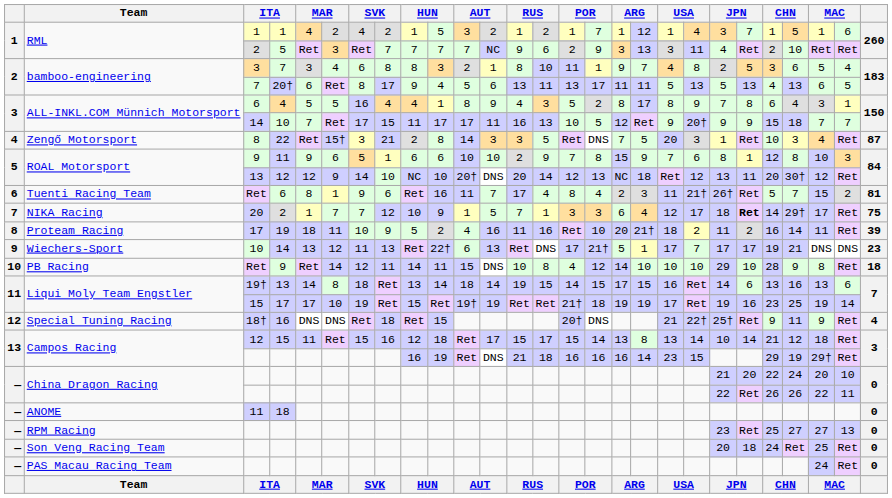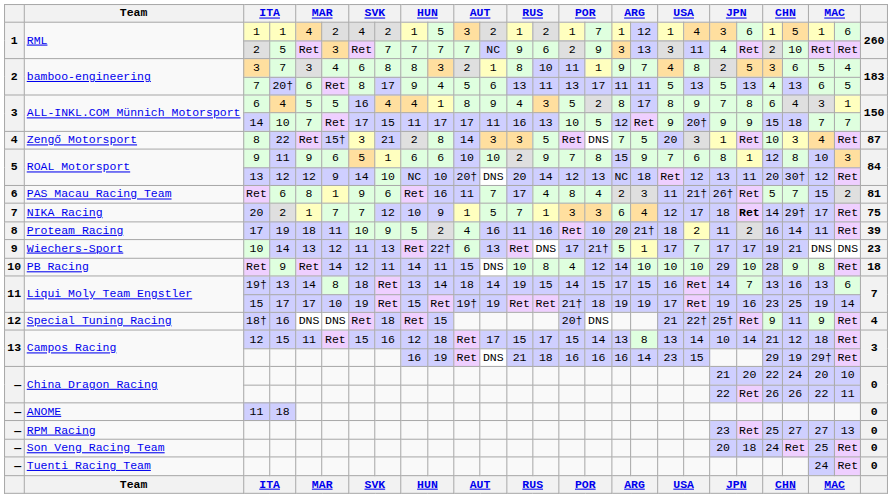 <table class="wikitable" style="font-size: 85%; text-align: center">
 <tr valign="top">
 <th valign=middle></th>
 <th valign=middle>Team</th>
 <th colspan=2><a href='#'>ITA</a><br></th>
 <th colspan=2><a href='#'>MAR</a><br></th>
 <th colspan=2><a href='#'>SVK</a><br></th>
 <th colspan=2><a href='#'>HUN</a><br></th>
 <th colspan=2><a href='#'>AUT</a><br></th>
 <th colspan=2><a href='#'>RUS</a><br></th>
 <th colspan=2><a href='#'>POR</a><br></th>
 <th colspan=2><a href='#'>ARG</a><br></th>
 <th colspan=2><a href='#'>USA</a><br></th>
 <th colspan=2><a href='#'>JPN</a><br></th>
 <th colspan=2><a href='#'>CHN</a><br></th>
 <th colspan=2><a href='#'>MAC</a><br></th>
 <th valign=middle>  </th>
 </tr>
 <tr>
 <th rowspan=2>1</th>
 <td align=left rowspan=2> <a href='#'>RML</a></td>
 <td style="background:#ffffbf;">1</td>
 <td style="background:#ffffbf;">1</td>
 <td style="background:#ffdf9f;">4</td>
 <td style="background:#dfdfdf;">2</td>
 <td style="background:#dfdfdf;">4</td>
 <td style="background:#dfdfdf;">2</td>
 <td style="background:#ffffbf;">1</td>
 <td style="background:#dfffdf;">5</td>
 <td style="background:#ffdf9f;">3</td>
 <td style="background:#dfdfdf;">2</td>
 <td style="background:#ffffbf;">1</td>
 <td style="background:#dfdfdf;">2</td>
 <td style="background:#ffffbf;">1</td>
 <td style="background:#dfffdf;">7</td>
 <td style="background:#ffffbf;">1</td>
 <td style="background:#cfcfff;">12</td>
 <td style="background:#ffffbf;">1</td>
 <td style="background:#ffdf9f;">4</td>
 <td style="background:#ffdf9f;">3</td>
-<td style="background:#dfffdf;">7</td>
+<td style="background:#dfffdf;">6</td>
 <td style="background:#ffffbf;">1</td>
 <td style="background:#ffdf9f;">5</td>
 <td style="background:#ffffbf;">1</td>
 <td style="background:#dfffdf;">6</td>
 <th rowspan=2>260</th>
 </tr>
 <tr>
 <td style="background:#dfdfdf;">2</td>
 <td style="background:#dfffdf;">5</td>
 <td style="background:#efcfff;">Ret</td>
 <td style="background:#ffdf9f;">3</td>
 <td style="background:#efcfff;">Ret</td>
 <td style="background:#dfffdf;">7</td>
 <td style="background:#dfffdf;">7</td>
 <td style="background:#dfffdf;">7</td>
 <td style="background:#dfffdf;">7</td>
 <td style="background:#cfcfff;">NC</td>
 <td style="background:#dfffdf;">9</td>
 <td style="background:#dfffdf;">6</td>
 <td style="background:#dfdfdf;">2</td>
 <td style="background:#dfffdf;">9</td>
 <td style="background:#ffdf9f;">3</td>
 <td style="background:#cfcfff;">13</td>
 <td style="background:#dfdfdf;">3</td>
 <td style="background:#cfcfff;">11</td>
 <td style="background:#dfffdf;">4</td>
 <td style="background:#efcfff;">Ret</td>
 <td style="background:#dfdfdf;">2</td>
 <td style="background:#dfffdf;">10</td>
 <td style="background:#efcfff;">Ret</td>
 <td style="background:#efcfff;">Ret</td>
 </tr>
 <tr>
 <th rowspan=2>2</th>
 <td align=left rowspan=2> <a href='#'>bamboo-engineering</a></td>
 <td style="background:#ffdf9f;">3</td>
 <td style="background:#dfffdf;">7</td>
 <td style="background:#dfdfdf;">3</td>
 <td style="background:#dfffdf;">4</td>
 <td style="background:#dfffdf;">6</td>
 <td style="background:#dfffdf;">8</td>
 <td style="background:#dfffdf;">8</td>
 <td style="background:#ffdf9f;">3</td>
 <td style="background:#dfdfdf;">2</td>
 <td style="background:#ffffbf;">1</td>
 <td style="background:#dfffdf;">8</td>
 <td style="background:#cfcfff;">10</td>
 <td style="background:#cfcfff;">11</td>
 <td style="background:#ffffbf;">1</td>
 <td style="background:#dfffdf;">9</td>
 <td style="background:#dfffdf;">7</td>
 <td style="background:#ffdf9f;">4</td>
 <td style="background:#dfffdf;">8</td>
 <td style="background:#dfdfdf;">2</td>
 <td style="background:#ffdf9f;">5</td>
 <td style="background:#ffdf9f;">3</td>
 <td style="background:#dfffdf;">6</td>
 <td style="background:#dfffdf;">5</td>
 <td style="background:#dfffdf;">4</td>
 <th rowspan=2>183</th>
 </tr>
 <tr>
 <td style="background:#dfffdf;">7</td>
 <td style="background:#cfcfff;">20†</td>
 <td style="background:#dfffdf;">6</td>
 <td style="background:#efcfff;">Ret</td>
 <td style="background:#dfffdf;">8</td>
 <td style="background:#cfcfff;">17</td>
 <td style="background:#dfffdf;">9</td>
 <td style="background:#dfffdf;">4</td>
 <td style="background:#dfffdf;">5</td>
 <td style="background:#dfffdf;">6</td>
 <td style="background:#cfcfff;">13</td>
 <td style="background:#cfcfff;">11</td>
 <td style="background:#cfcfff;">13</td>
 <td style="background:#cfcfff;">17</td>
 <td style="background:#cfcfff;">11</td>
 <td style="background:#cfcfff;">11</td>
 <td style="background:#dfffdf;">5</td>
 <td style="background:#cfcfff;">13</td>
 <td style="background:#dfffdf;">5</td>
 <td style="background:#cfcfff;">13</td>
 <td style="background:#dfffdf;">4</td>
 <td style="background:#cfcfff;">13</td>
 <td style="background:#dfffdf;">6</td>
 <td style="background:#dfffdf;">5</td>
 </tr>
 <tr>
 <th rowspan=2>3</th>
 <td align=left rowspan=2 nowrap> <a href='#'>ALL-INKL.COM Münnich Motorsport</a></td>
 <td style="background:#dfffdf;">6</td>
 <td style="background:#ffdf9f;">4</td>
 <td style="background:#dfffdf;">5</td>
 <td style="background:#dfffdf;">5</td>
 <td style="background:#cfcfff;">16</td>
 <td style="background:#ffdf9f;">4</td>
 <td style="background:#ffdf9f;">4</td>
 <td style="background:#ffffbf;">1</td>
 <td style="background:#dfffdf;">8</td>
 <td style="background:#dfffdf;">9</td>
 <td style="background:#dfffdf;">4</td>
 <td style="background:#ffdf9f;">3</td>
 <td style="background:#dfffdf;">5</td>
 <td style="background:#dfdfdf;">2</td>
 <td style="background:#dfffdf;">8</td>
 <td style="background:#cfcfff;">17</td>
 <td style="background:#dfffdf;">8</td>
 <td style="background:#dfffdf;">9</td>
 <td style="background:#dfffdf;">7</td>
 <td style="background:#dfffdf;">8</td>
 <td style="background:#dfffdf;">6</td>
 <td style="background:#dfdfdf;">4</td>
 <td style="background:#dfdfdf;">3</td>
 <td style="background:#ffffbf;">1</td>
 <th rowspan=2>150</th>
 </tr>
 <tr>
 <td style="background:#cfcfff;">14</td>
 <td style="background:#dfffdf;">10</td>
 <td style="background:#dfffdf;">7</td>
 <td style="background:#efcfff;">Ret</td>
 <td style="background:#cfcfff;">17</td>
 <td style="background:#cfcfff;">15</td>
 <td style="background:#cfcfff;">11</td>
 <td style="background:#cfcfff;">17</td>
 <td style="background:#cfcfff;">17</td>
 <td style="background:#cfcfff;">11</td>
 <td style="background:#cfcfff;">16</td>
 <td style="background:#cfcfff;">13</td>
 <td style="background:#dfffdf;">10</td>
 <td style="background:#dfffdf;">5</td>
 <td style="background:#cfcfff;">12</td>
 <td style="background:#efcfff;">Ret</td>
 <td style="background:#dfffdf;">9</td>
 <td style="background:#cfcfff;">20†</td>
 <td style="background:#dfffdf;">9</td>
 <td style="background:#dfffdf;">9</td>
 <td style="background:#cfcfff;">15</td>
 <td style="background:#cfcfff;">18</td>
 <td style="background:#dfffdf;">7</td>
 <td style="background:#dfffdf;">7</td>
 </tr>
 <tr>
 <th>4</th>
 <td align="left"> <a href='#'>Zengő Motorsport</a></td>
 <td style="background:#dfffdf;">8</td>
 <td style="background:#cfcfff;">22</td>
 <td style="background:#efcfff;">Ret</td>
 <td style="background:#cfcfff;">15†</td>
 <td style="background:#ffffbf;">3</td>
 <td style="background:#cfcfff;">21</td>
 <td style="background:#dfdfdf;">2</td>
 <td style="background:#dfffdf;">8</td>
 <td style="background:#cfcfff;">14</td>
 <td style="background:#ffdf9f;">3</td>
 <td style="background:#ffdf9f;">3</td>
 <td style="background:#dfffdf;">5</td>
 <td style="background:#efcfff;">Ret</td>
 <td style="background:#ffffff;">DNS</td>
 <td style="background:#dfffdf;">7</td>
 <td style="background:#dfffdf;">5</td>
 <td style="background:#cfcfff;">20</td>
 <td style="background:#dfdfdf;">3</td>
 <td style="background:#ffffbf;">1</td>
 <td style="background:#efcfff;">Ret</td>
 <td style="background:#dfffdf;">10</td>
 <td style="background:#ffffbf;">3</td>
 <td style="background:#ffdf9f;">4</td>
 <td style="background:#efcfff;">Ret</td>
 <th>87</th>
 </tr>
 <tr>
 <th rowspan=2>5</th>
 <td align=left rowspan=2> <a href='#'>ROAL Motorsport</a></td>
 <td style="background:#dfffdf;">9</td>
 <td style="background:#cfcfff;">11</td>
 <td style="background:#dfffdf;">9</td>
 <td style="background:#dfffdf;">6</td>
 <td style="background:#ffdf9f;">5</td>
 <td style="background:#ffffbf;">1</td>
 <td style="background:#dfffdf;">6</td>
 <td style="background:#dfffdf;">6</td>
 <td style="background:#cfcfff;">10</td>
 <td style="background:#dfffdf;">10</td>
 <td style="background:#dfdfdf;">2</td>
 <td style="background:#dfffdf;">9</td>
 <td style="background:#dfffdf;">7</td>
 <td style="background:#dfffdf;">8</td>
 <td style="background:#cfcfff;">15</td>
 <td style="background:#dfffdf;">9</td>
 <td style="background:#dfffdf;">7</td>
 <td style="background:#dfffdf;">6</td>
 <td style="background:#dfffdf;">8</td>
 <td style="background:#ffffbf;">1</td>
 <td style="background:#cfcfff;">12</td>
 <td style="background:#dfffdf;">8</td>
 <td style="background:#cfcfff;">10</td>
 <td style="background:#ffdf9f;">3</td>
 <th rowspan=2>84</th>
 </tr>
 <tr>
 <td style="background:#cfcfff;">13</td>
 <td style="background:#cfcfff;">12</td>
 <td style="background:#cfcfff;">12</td>
 <td style="background:#cfcfff;">9</td>
 <td style="background:#cfcfff;">14</td>
 <td style="background:#dfffdf;">10</td>
 <td style="background:#cfcfff;">NC</td>
 <td style="background:#cfcfff;">10</td>
 <td style="background:#cfcfff;">20†</td>
 <td style="background:#ffffff;">DNS</td>
 <td style="background:#cfcfff;">20</td>
 <td style="background:#cfcfff;">14</td>
 <td style="background:#cfcfff;">12</td>
 <td style="background:#cfcfff;">13</td>
 <td style="background:#cfcfff;">NC</td>
 <td style="background:#cfcfff;">18</td>
 <td style="background:#efcfff;">Ret</td>
 <td style="background:#cfcfff;">12</td>
 <td style="background:#cfcfff;">13</td>
 <td style="background:#cfcfff;">11</td>
 <td style="background:#cfcfff;">20</td>
 <td style="background:#cfcfff;">30†</td>
 <td style="background:#cfcfff;">12</td>
 <td style="background:#efcfff;">Ret</td>
 </tr>
 <tr>
 <th>6</th>
-<td align="left"> <a href='#'>Tuenti Racing Team</a></td>
+<td align=left> <a href='#'>PAS Macau Racing Team</a></td>
 <td style="background:#efcfff;">Ret</td>
 <td style="background:#dfffdf;">6</td>
 <td style="background:#dfffdf;">8</td>
 <td style="background:#ffffbf;">1</td>
 <td style="background:#dfffdf;">9</td>
 <td style="background:#dfffdf;">6</td>
 <td style="background:#efcfff;">Ret</td>
 <td style="background:#cfcfff;">16</td>
 <td style="background:#cfcfff;">11</td>
 <td style="background:#dfffdf;">7</td>
 <td style="background:#cfcfff;">17</td>
 <td style="background:#dfffdf;">4</td>
 <td style="background:#dfffdf;">8</td>
 <td style="background:#dfffdf;">4</td>
 <td style="background:#dfdfdf;">2</td>
 <td style="background:#dfdfdf;">3</td>
 <td style="background:#cfcfff;">11</td>
 <td style="background:#cfcfff;">21†</td>
 <td style="background:#cfcfff;">26†</td>
 <td style="background:#efcfff;">Ret</td>
 <td style="background:#dfffdf;">5</td>
 <td style="background:#dfffdf;">7</td>
 <td style="background:#cfcfff;">15</td>
 <td style="background:#dfdfdf;">2</td>
 <th>81</th>
 </tr>
 <tr>
 <th>7</th>
 <td align="left"> <a href='#'>NIKA Racing</a></td>
 <td style="background:#cfcfff;">20</td>
 <td style="background:#dfdfdf;">2</td>
 <td style="background:#ffffbf;">1</td>
 <td style="background:#dfffdf;">7</td>
 <td style="background:#dfffdf;">7</td>
 <td style="background:#cfcfff;">12</td>
 <td style="background:#cfcfff;">10</td>
 <td style="background:#cfcfff;">9</td>
 <td style="background:#ffffbf;">1</td>
 <td style="background:#dfffdf;">5</td>
 <td style="background:#dfffdf;">7</td>
 <td style="background:#ffffbf;">1</td>
 <td style="background:#ffdf9f;">3</td>
 <td style="background:#ffdf9f;">3</td>
 <td style="background:#dfffdf;">6</td>
 <td style="background:#ffdf9f;">4</td>
 <td style="background:#cfcfff;">12</td>
 <td style="background:#cfcfff;">17</td>
 <td style="background:#cfcfff;">18</td>
 <td style="background:#efcfff;"><strong>Ret</strong></td>
 <td style="background:#cfcfff;">14</td>
 <td style="background:#cfcfff;">29†</td>
 <td style="background:#cfcfff;">17</td>
 <td style="background:#efcfff;">Ret</td>
 <th>75</th>
 </tr>
 <tr>
 <th>8</th>
 <td align="left"> <a href='#'>Proteam Racing</a></td>
 <td style="background:#cfcfff;">17</td>
 <td style="background:#cfcfff;">19</td>
 <td style="background:#cfcfff;">18</td>
 <td style="background:#cfcfff;">11</td>
 <td style="background:#dfffdf;">10</td>
 <td style="background:#dfffdf;">9</td>
 <td style="background:#dfffdf;">5</td>
 <td style="background:#dfdfdf;">2</td>
 <td style="background:#dfffdf;">4</td>
 <td style="background:#cfcfff;">16</td>
 <td style="background:#cfcfff;">11</td>
 <td style="background:#cfcfff;">16</td>
 <td style="background:#efcfff;">Ret</td>
 <td style="background:#cfcfff;">10</td>
 <td style="background:#cfcfff;">20</td>
 <td style="background:#cfcfff;">21†</td>
 <td style="background:#cfcfff;">18</td>
 <td style="background:#ffffbf;">2</td>
 <td style="background:#cfcfff;">11</td>
 <td style="background:#dfdfdf;">2</td>
 <td style="background:#cfcfff;">16</td>
 <td style="background:#cfcfff;">14</td>
 <td style="background:#cfcfff;">11</td>
 <td style="background:#efcfff;">Ret</td>
 <th>39</th>
 </tr>
 <tr>
 <th>9</th>
 <td align="left"> <a href='#'>Wiechers-Sport</a></td>
 <td style="background:#dfffdf;">10</td>
 <td style="background:#cfcfff;">14</td>
 <td style="background:#cfcfff;">13</td>
 <td style="background:#cfcfff;">12</td>
 <td style="background:#cfcfff;">11</td>
 <td style="background:#cfcfff;">13</td>
 <td style="background:#efcfff;">Ret</td>
 <td style="background:#cfcfff;">22†</td>
 <td style="background:#dfffdf;">6</td>
 <td style="background:#cfcfff;">13</td>
 <td style="background:#efcfff;">Ret</td>
 <td style="background:#ffffff;">DNS</td>
 <td style="background:#cfcfff;">17</td>
 <td style="background:#cfcfff;">21†</td>
 <td style="background:#dfffdf;">5</td>
 <td style="background:#ffffbf;">1</td>
 <td style="background:#cfcfff;">17</td>
 <td style="background:#dfffdf;">7</td>
 <td style="background:#cfcfff;">17</td>
 <td style="background:#cfcfff;">17</td>
 <td style="background:#cfcfff;">19</td>
 <td style="background:#cfcfff;">21</td>
 <td style="background:#ffffff;">DNS</td>
 <td style="background:#ffffff;">DNS</td>
 <th>23</th>
 </tr>
 <tr>
 <th>10</th>
 <td align="left"> <a href='#'>PB Racing</a></td>
 <td style="background:#efcfff;">Ret</td>
 <td style="background:#dfffdf;">9</td>
 <td style="background:#efcfff;">Ret</td>
 <td style="background:#cfcfff;">14</td>
 <td style="background:#cfcfff;">12</td>
 <td style="background:#cfcfff;">11</td>
 <td style="background:#cfcfff;">14</td>
 <td style="background:#cfcfff;">11</td>
 <td style="background:#cfcfff;">15</td>
 <td style="background:#ffffff;">DNS</td>
 <td style="background:#dfffdf;">10</td>
 <td style="background:#dfffdf;">8</td>
 <td style="background:#dfffdf;">4</td>
 <td style="background:#cfcfff;">12</td>
 <td style="background:#cfcfff;">14</td>
 <td style="background:#dfffdf;">10</td>
 <td style="background:#dfffdf;">10</td>
 <td style="background:#dfffdf;">10</td>
 <td style="background:#cfcfff;">29</td>
 <td style="background:#dfffdf;">10</td>
 <td style="background:#cfcfff;">28</td>
 <td style="background:#dfffdf;">9</td>
 <td style="background:#dfffdf;">8</td>
 <td style="background:#efcfff;">Ret</td>
 <th>18</th>
 </tr>
 <tr>
 <th rowspan=2>11</th>
 <td align=left rowspan=2> <a href='#'>Liqui Moly Team Engstler</a></td>
 <td style="background:#cfcfff;">19†</td>
 <td style="background:#cfcfff;">13</td>
 <td style="background:#cfcfff;">14</td>
 <td style="background:#dfffdf;">8</td>
 <td style="background:#cfcfff;">18</td>
 <td style="background:#efcfff;">Ret</td>
 <td style="background:#cfcfff;">13</td>
 <td style="background:#cfcfff;">14</td>
 <td style="background:#cfcfff;">18</td>
 <td style="background:#cfcfff;">14</td>
 <td style="background:#cfcfff;">19</td>
 <td style="background:#cfcfff;">15</td>
 <td style="background:#cfcfff;">14</td>
 <td style="background:#cfcfff;">15</td>
 <td style="background:#cfcfff;">17</td>
 <td style="background:#cfcfff;">15</td>
 <td style="background:#cfcfff;">16</td>
 <td style="background:#efcfff;">Ret</td>
 <td style="background:#cfcfff;">14</td>
-<td style="background:#dfffdf;">6</td>
+<td style="background:#dfffdf;">7</td>
 <td style="background:#cfcfff;">13</td>
 <td style="background:#cfcfff;">16</td>
 <td style="background:#cfcfff;">13</td>
 <td style="background:#dfffdf;">6</td>
 <th rowspan=2>7</th>
 </tr>
 <tr>
 <td style="background:#cfcfff;">15</td>
 <td style="background:#cfcfff;">17</td>
 <td style="background:#cfcfff;">17</td>
 <td style="background:#cfcfff;">10</td>
 <td style="background:#cfcfff;">19</td>
 <td style="background:#efcfff;">Ret</td>
 <td style="background:#cfcfff;">15</td>
 <td style="background:#efcfff;">Ret</td>
 <td style="background:#cfcfff;">19†</td>
 <td style="background:#cfcfff;">19</td>
 <td style="background:#efcfff;">Ret</td>
 <td style="background:#efcfff;">Ret</td>
 <td style="background:#cfcfff;">21†</td>
 <td style="background:#cfcfff;">18</td>
 <td style="background:#cfcfff;">19</td>
 <td style="background:#cfcfff;">19</td>
 <td style="background:#cfcfff;">17</td>
 <td style="background:#efcfff;">Ret</td>
 <td style="background:#cfcfff;">19</td>
 <td style="background:#cfcfff;">16</td>
 <td style="background:#cfcfff;">23</td>
 <td style="background:#cfcfff;">25</td>
 <td style="background:#cfcfff;">19</td>
 <td style="background:#cfcfff;">14</td>
 </tr>
 <tr>
 <th>12</th>
 <td align="left"> <a href='#'>Special Tuning Racing</a></td>
 <td style="background:#cfcfff;">18†</td>
 <td style="background:#cfcfff;">16</td>
 <td style="background:#ffffff;">DNS</td>
 <td style="background:#ffffff;">DNS</td>
 <td style="background:#efcfff;">Ret</td>
 <td style="background:#cfcfff;">18</td>
 <td style="background:#efcfff;">Ret</td>
 <td style="background:#cfcfff;">15</td>
 <td></td>
 <td></td>
 <td></td>
 <td></td>
 <td style="background:#cfcfff;">20†</td>
 <td style="background:#ffffff;">DNS</td>
 <td></td>
 <td></td>
 <td style="background:#cfcfff;">21</td>
 <td style="background:#cfcfff;">22†</td>
 <td style="background:#cfcfff;">25†</td>
 <td style="background:#efcfff;">Ret</td>
 <td style="background:#dfffdf;">9</td>
 <td style="background:#cfcfff;">11</td>
 <td style="background:#dfffdf;">9</td>
 <td style="background:#efcfff;">Ret</td>
 <th>4</th>
 </tr>
 <tr>
 <th rowspan=2>13</th>
 <td align=left rowspan=2> <a href='#'>Campos Racing</a></td>
 <td style="background:#cfcfff;">12</td>
 <td style="background:#cfcfff;">15</td>
 <td style="background:#cfcfff;">11</td>
 <td style="background:#efcfff;">Ret</td>
 <td style="background:#cfcfff;">15</td>
 <td style="background:#cfcfff;">16</td>
 <td style="background:#cfcfff;">12</td>
 <td style="background:#cfcfff;">18</td>
 <td style="background:#efcfff;">Ret</td>
 <td style="background:#cfcfff;">17</td>
 <td style="background:#cfcfff;">15</td>
 <td style="background:#cfcfff;">17</td>
 <td style="background:#cfcfff;">15</td>
 <td style="background:#cfcfff;">14</td>
 <td style="background:#cfcfff;">13</td>
 <td style="background:#dfffdf;">8</td>
 <td style="background:#cfcfff;">13</td>
 <td style="background:#cfcfff;">14</td>
 <td style="background:#cfcfff;">10</td>
 <td style="background:#cfcfff;">14</td>
 <td style="background:#cfcfff;">21</td>
 <td style="background:#cfcfff;">12</td>
 <td style="background:#cfcfff;">18</td>
 <td style="background:#efcfff;">Ret</td>
 <th rowspan=2>3</th>
 </tr>
 <tr>
 <td></td>
 <td></td>
 <td></td>
 <td></td>
 <td></td>
 <td></td>
 <td style="background:#cfcfff;">16</td>
 <td style="background:#cfcfff;">19</td>
 <td style="background:#efcfff;">Ret</td>
 <td style="background:#ffffff;">DNS</td>
 <td style="background:#cfcfff;">21</td>
 <td style="background:#cfcfff;">18</td>
 <td style="background:#cfcfff;">16</td>
 <td style="background:#cfcfff;">16</td>
 <td style="background:#cfcfff;">16</td>
 <td style="background:#cfcfff;">14</td>
 <td style="background:#cfcfff;">23</td>
 <td style="background:#cfcfff;">15</td>
 <td></td>
 <td></td>
 <td style="background:#cfcfff;">29</td>
 <td style="background:#cfcfff;">19</td>
 <td style="background:#cfcfff;">29†</td>
 <td style="background:#efcfff;">Ret</td>
 </tr>
 <tr>
 <th rowspan=2> —</th>
 <td align=left rowspan=2> <a href='#'>China Dragon Racing</a></td>
 <td></td>
 <td></td>
 <td></td>
 <td></td>
 <td></td>
 <td></td>
 <td></td>
 <td></td>
 <td></td>
 <td></td>
 <td></td>
 <td></td>
 <td></td>
 <td></td>
 <td></td>
 <td></td>
 <td></td>
 <td></td>
 <td style="background:#cfcfff;">21</td>
 <td style="background:#cfcfff;">20</td>
 <td style="background:#cfcfff;">22</td>
 <td style="background:#cfcfff;">24</td>
 <td style="background:#cfcfff;">20</td>
 <td style="background:#cfcfff;">10</td>
 <th rowspan=2>0</th>
 </tr>
 <tr>
 <td></td>
 <td></td>
 <td></td>
 <td></td>
 <td></td>
 <td></td>
 <td></td>
 <td></td>
 <td></td>
 <td></td>
 <td></td>
 <td></td>
 <td></td>
 <td></td>
 <td></td>
 <td></td>
 <td></td>
 <td></td>
 <td style="background:#cfcfff;">22</td>
 <td style="background:#efcfff;">Ret</td>
 <td style="background:#cfcfff;">26</td>
 <td style="background:#cfcfff;">26</td>
 <td style="background:#cfcfff;">22</td>
 <td style="background:#cfcfff;">11</td>
 </tr>
 <tr>
 <th> —</th>
 <td align="left"> <a href='#'>ANOME</a></td>
 <td style="background:#cfcfff;">11</td>
 <td style="background:#cfcfff;">18</td>
 <td></td>
 <td></td>
 <td></td>
 <td></td>
 <td></td>
 <td></td>
 <td></td>
 <td></td>
 <td></td>
 <td></td>
 <td></td>
 <td></td>
 <td></td>
 <td></td>
 <td></td>
 <td></td>
 <td></td>
 <td></td>
 <td></td>
 <td></td>
 <td></td>
 <td></td>
 <th>0</th>
 </tr>
 <tr>
 <th> —</th>
 <td align=left> <a href='#'>RPM Racing</a></td>
 <td></td>
 <td></td>
 <td></td>
 <td></td>
 <td></td>
 <td></td>
 <td></td>
 <td></td>
 <td></td>
 <td></td>
 <td></td>
 <td></td>
 <td></td>
 <td></td>
 <td></td>
 <td></td>
 <td></td>
 <td></td>
 <td style="background:#cfcfff;">23</td>
 <td style="background:#efcfff;">Ret</td>
 <td style="background:#cfcfff;">25</td>
 <td style="background:#cfcfff;">27</td>
 <td style="background:#cfcfff;">27</td>
 <td style="background:#cfcfff;">13</td>
 <th>0</th>
 </tr>
 <tr>
 <th> —</th>
 <td align=left> <a href='#'>Son Veng Racing Team</a></td>
 <td></td>
 <td></td>
 <td></td>
 <td></td>
 <td></td>
 <td></td>
 <td></td>
 <td></td>
 <td></td>
 <td></td>
 <td></td>
 <td></td>
 <td></td>
 <td></td>
 <td></td>
 <td></td>
 <td></td>
 <td></td>
 <td style="background:#cfcfff;">20</td>
 <td style="background:#cfcfff;">18</td>
 <td style="background:#cfcfff;">24</td>
 <td style="background:#efcfff;">Ret</td>
 <td style="background:#cfcfff;">25</td>
 <td style="background:#efcfff;">Ret</td>
 <th>0</th>
 </tr>
 <tr>
 <th> —</th>
-<td align=left> <a href='#'>PAS Macau Racing Team</a></td>
+<td align="left"> <a href='#'>Tuenti Racing Team</a></td>
 <td></td>
 <td></td>
 <td></td>
 <td></td>
 <td></td>
 <td></td>
 <td></td>
 <td></td>
 <td></td>
 <td></td>
 <td></td>
 <td></td>
 <td></td>
 <td></td>
 <td></td>
 <td></td>
 <td></td>
 <td></td>
 <td></td>
 <td></td>
 <td></td>
 <td></td>
 <td style="background:#cfcfff;">24</td>
 <td style="background:#efcfff;">Ret</td>
 <th>0</th>
 </tr>
 <tr valign="top">
 <th valign=middle></th>
 <th valign=middle>Team</th>
 <th colspan=2><a href='#'>ITA</a><br></th>
 <th colspan=2><a href='#'>MAR</a><br></th>
 <th colspan=2><a href='#'>SVK</a><br></th>
 <th colspan=2><a href='#'>HUN</a><br></th>
 <th colspan=2><a href='#'>AUT</a><br></th>
 <th colspan=2><a href='#'>RUS</a><br></th>
 <th colspan=2><a href='#'>POR</a><br></th>
 <th colspan=2><a href='#'>ARG</a><br></th>
 <th colspan=2><a href='#'>USA</a><br></th>
 <th colspan=2><a href='#'>JPN</a><br></th>
 <th colspan=2><a href='#'>CHN</a><br></th>
 <th colspan=2><a href='#'>MAC</a><br></th>
 <th valign=middle>  </th>
 </tr>
 </table>
